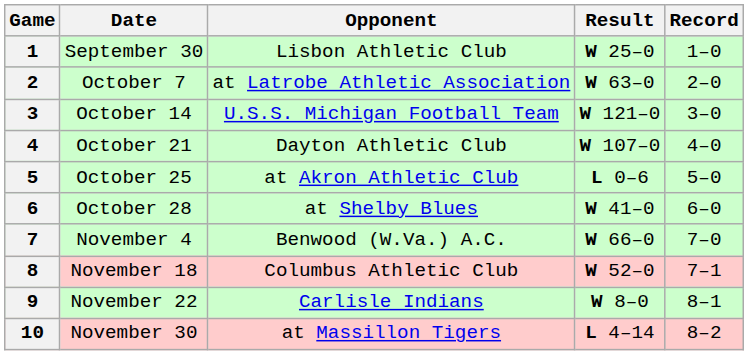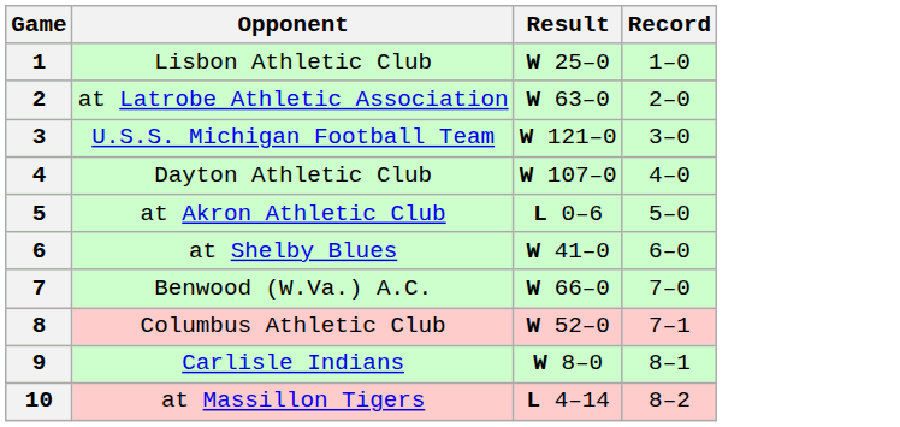 <table class="wikitable" style="text-align:center">
 <tr>
 <th>Game</th>
-<th>Date</th>
 <th>Opponent</th>
 <th>Result</th>
 <th>Record</th>
 </tr>
 <tr style="background:#cfc">
 <th>1</th>
-<td>September 30</td>
 <td>Lisbon Athletic Club</td>
 <td><strong>W</strong> 25–0</td>
 <td>1–0</td>
 </tr>
 <tr style="background:#cfc">
 <th>2</th>
-<td>October 7</td>
 <td>at <a href='#'>Latrobe Athletic Association</a></td>
 <td><strong>W</strong> 63–0</td>
 <td>2–0</td>
 </tr>
 <tr style="background:#cfc">
 <th>3</th>
-<td>October 14</td>
 <td><a href='#'>U.S.S. Michigan Football Team</a></td>
 <td><strong>W</strong> 121–0</td>
 <td>3–0</td>
 </tr>
 <tr style="background:#cfc">
 <th>4</th>
-<td>October 21</td>
 <td>Dayton Athletic Club</td>
 <td><strong>W</strong> 107–0</td>
 <td>4–0</td>
 </tr>
 <tr style="background:#cfc">
 <th>5</th>
-<td>October 25</td>
 <td>at <a href='#'>Akron Athletic Club</a></td>
 <td><strong>L</strong> 0–6</td>
 <td>5–0</td>
 </tr>
 <tr style="background:#cfc">
 <th>6</th>
-<td>October 28</td>
 <td>at <a href='#'>Shelby Blues</a></td>
 <td><strong>W</strong> 41–0</td>
 <td>6–0</td>
 </tr>
 <tr style="background:#cfc">
 <th>7</th>
-<td>November 4</td>
 <td>Benwood (W.Va.) A.C.</td>
 <td><strong>W</strong> 66–0</td>
 <td>7–0</td>
 </tr>
 <tr style="background:#fcc">
 <th>8</th>
-<td>November 18</td>
 <td>Columbus Athletic Club</td>
 <td><strong>W</strong> 52–0</td>
 <td>7–1</td>
 </tr>
 <tr style="background:#cfc">
 <th>9</th>
-<td>November 22</td>
 <td><a href='#'>Carlisle Indians</a></td>
 <td><strong>W</strong> 8–0</td>
 <td>8–1</td>
 </tr>
 <tr style="background:#fcc">
 <th>10</th>
-<td>November 30</td>
 <td>at <a href='#'>Massillon Tigers</a></td>
 <td><strong>L</strong> 4–14</td>
 <td>8–2</td>
 </tr>
 </table>
